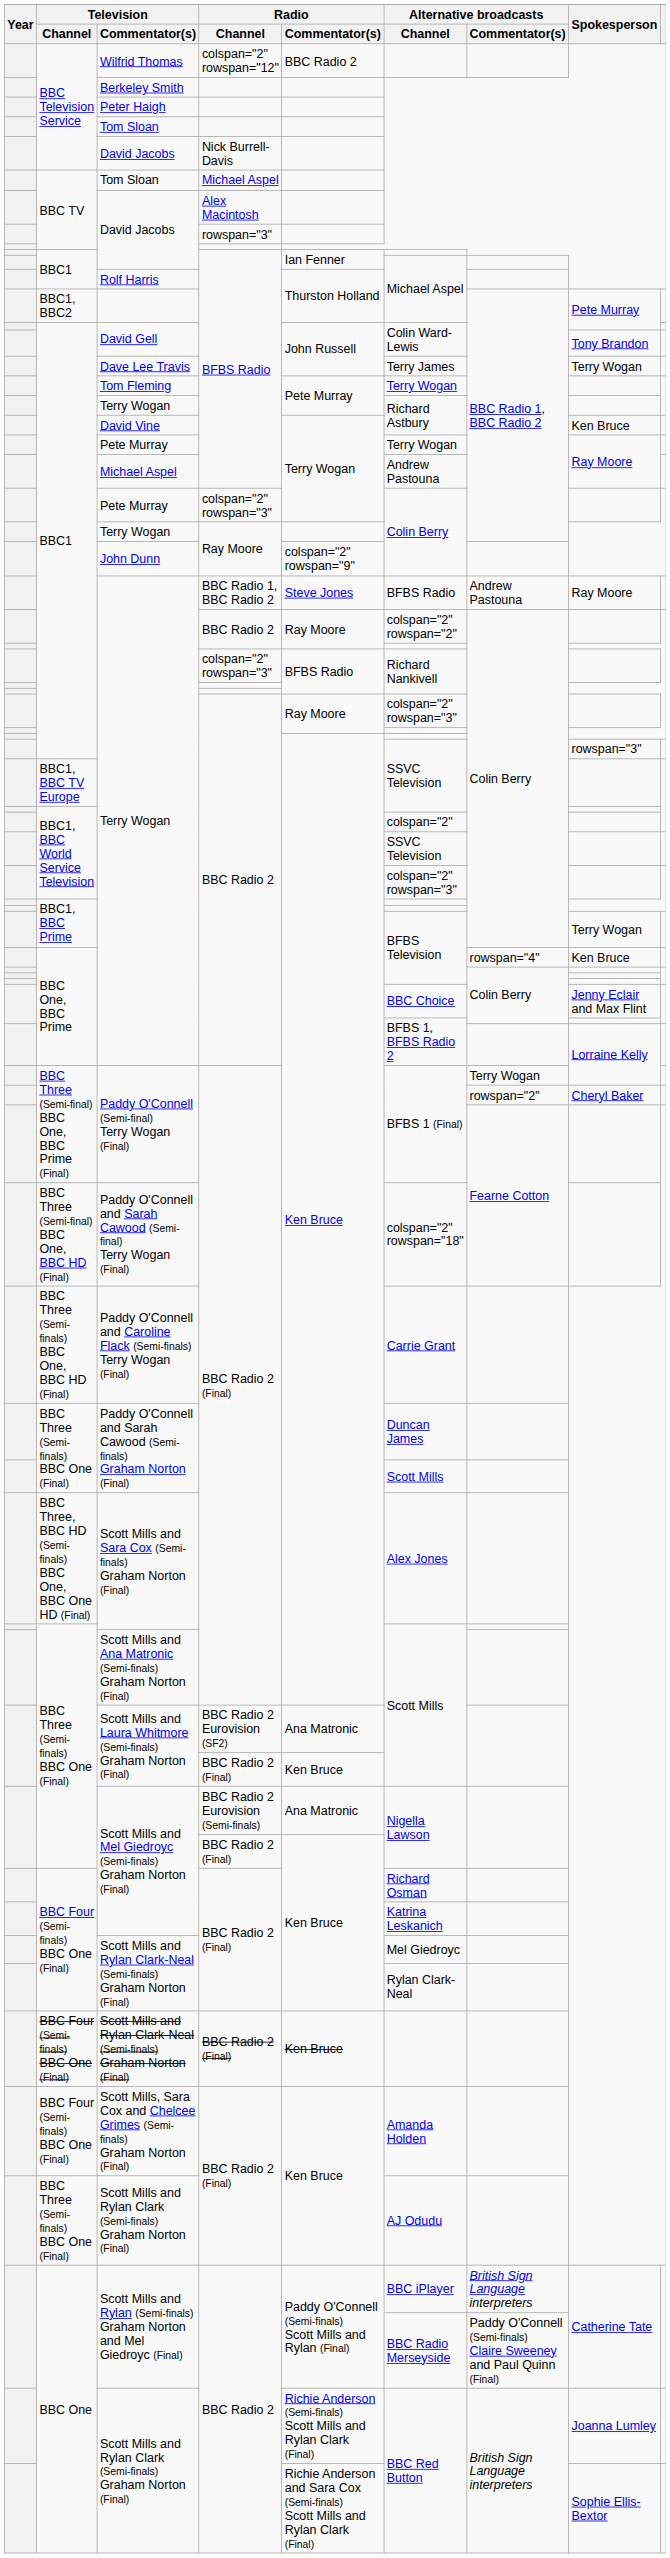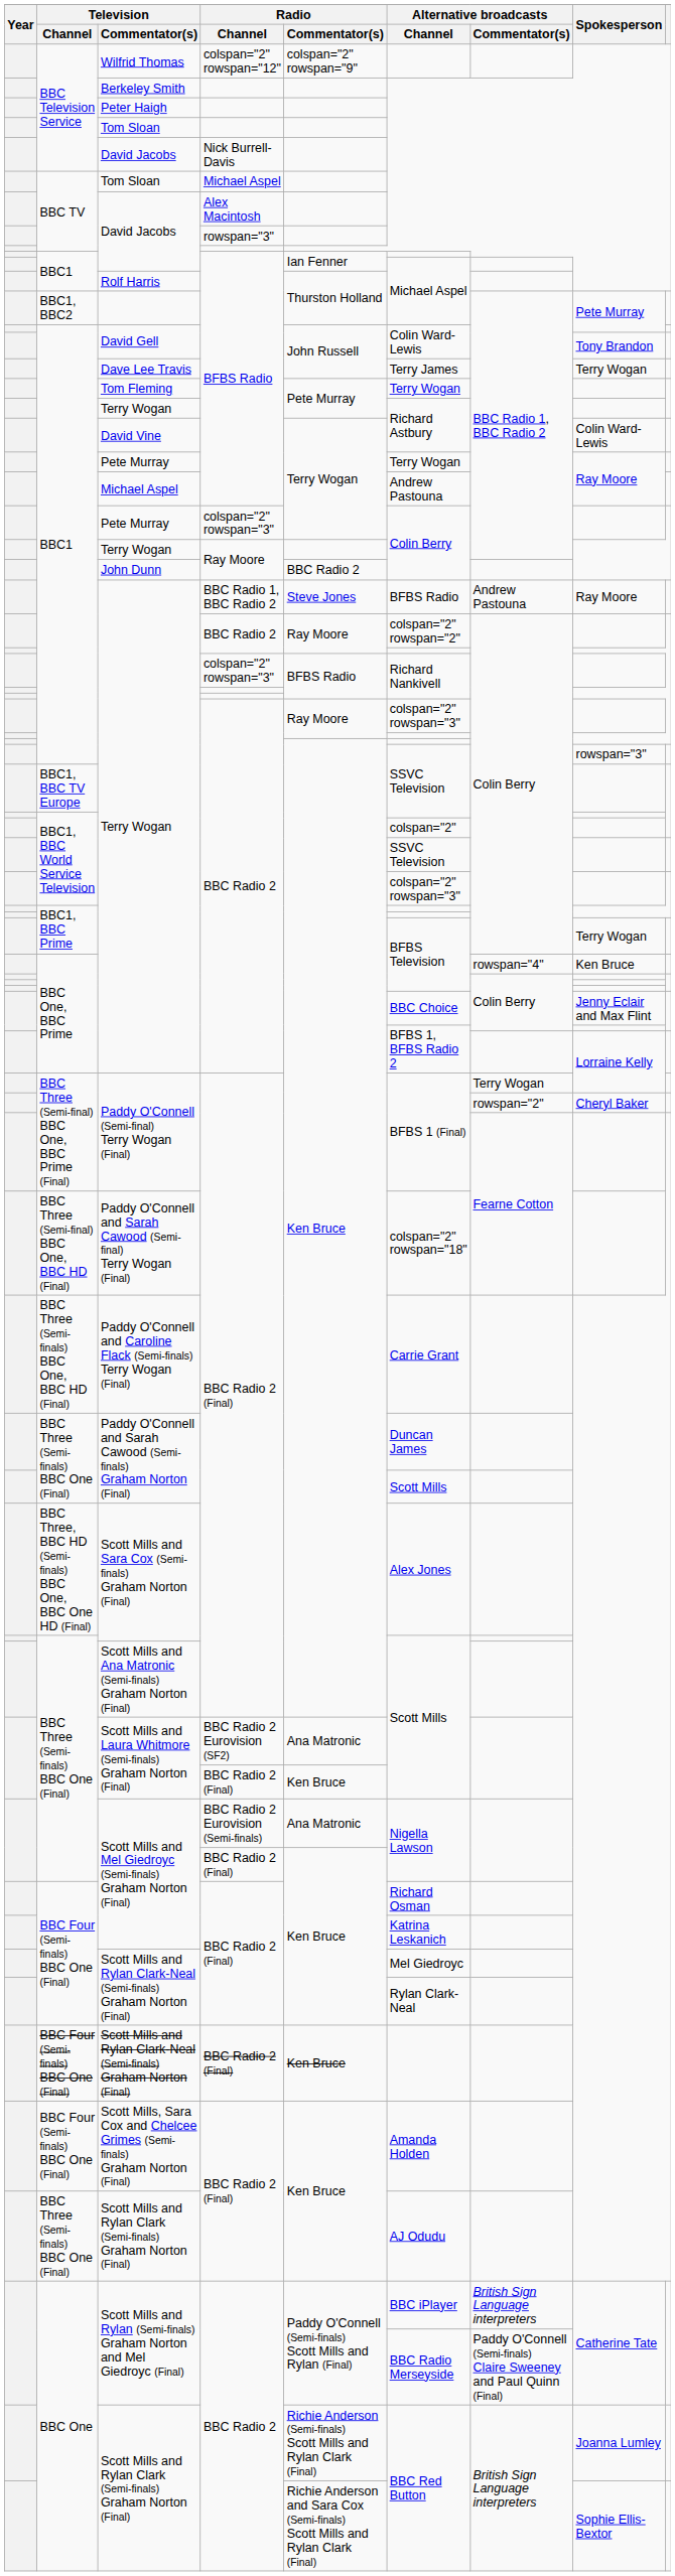 <table class="wikitable plainrowheaders sticky-header" style="font-size:95%; text-align:left;">
 <tr>
 </tr>
 <tr>
 <th rowspan="2">Year</th>
 <th colspan="2">Television</th>
 <th colspan="2">Radio</th>
 <th colspan="2">Alternative broadcasts</th>
 <th rowspan="2">Spokesperson</th>
 <th rowspan="2" class="unsortable"></th>
 </tr>
 <tr>
 <th>Channel</th>
 <th>Commentator(s)</th>
 <th>Channel</th>
 <th>Commentator(s)</th>
 <th>Channel</th>
 <th>Commentator(s)</th>
 </tr>
 <tr>
 <th scope="row"></th>
 <td rowspan="5"><a href='#'>BBC Television Service</a></td>
 <td><a href='#'>Wilfrid Thomas</a></td>
 <td>colspan="2" rowspan="12" </td>
-<td>BBC Radio 2</td>
+<td>colspan="2" rowspan="9" </td>
 <td></td>
 <td style="text-align:center"></td>
 </tr>
 <tr>
 <th scope="row"></th>
 <td><a href='#'>Berkeley Smith</a></td>
 <td></td>
 <td style="text-align:center"></td>
 </tr>
 <tr>
 <th scope="row"></th>
 <td><a href='#'>Peter Haigh</a></td>
 <td></td>
 <td style="text-align:center"></td>
 </tr>
 <tr>
 <th scope="row"></th>
 <td><a href='#'>Tom Sloan</a></td>
 <td></td>
 <td style="text-align:center"></td>
 </tr>
 <tr>
 <th scope="row"></th>
 <td><a href='#'>David Jacobs</a></td>
 <td>Nick Burrell-Davis</td>
 <td style="text-align:center"></td>
 </tr>
 <tr>
 <th scope="row"></th>
 <td rowspan="4">BBC TV</td>
 <td>Tom Sloan</td>
 <td><a href='#'>Michael Aspel</a></td>
 <td style="text-align:center"></td>
 </tr>
 <tr>
 <th scope="row"></th>
 <td rowspan="5">David Jacobs</td>
 <td><a href='#'>Alex Macintosh</a></td>
 <td style="text-align:center"></td>
 </tr>
 <tr>
 <th scope="row"></th>
 <td>rowspan="3" </td>
 <td style="text-align:center"></td>
 </tr>
 <tr>
 <th scope="row"></th>
 <td style="text-align:center"></td>
 </tr>
 <tr>
 <th scope="row"></th>
 <td rowspan="3">BBC1</td>
 <td rowspan="12"><a href='#'>BFBS Radio</a></td>
 <td rowspan="2">Ian Fenner</td>
 <td style="text-align:center"></td>
 </tr>
 <tr>
 <th scope="row"></th>
 <td rowspan="3">Michael Aspel</td>
 <td style="text-align:center"></td>
 </tr>
 <tr>
 <th scope="row"></th>
 <td><a href='#'>Rolf Harris</a></td>
 <td rowspan="2">Thurston Holland</td>
 <td style="text-align:center"></td>
 </tr>
 <tr>
 <th scope="row"></th>
 <td>BBC1, BBC2</td>
 <td></td>
 <td rowspan="11"><a href='#'>BBC Radio 1</a>, <a href='#'>BBC Radio 2</a></td>
 <td rowspan="2"><a href='#'>Pete Murray</a></td>
 <td style="text-align:center"></td>
 </tr>
 <tr>
 <th scope="row"></th>
 <td rowspan="21">BBC1</td>
 <td rowspan="2"><a href='#'>David Gell</a></td>
 <td rowspan="3">John Russell</td>
 <td rowspan="2">Colin Ward-Lewis</td>
 <td style="text-align:center"></td>
 </tr>
 <tr>
 <th scope="row"></th>
 <td><a href='#'>Tony Brandon</a></td>
 <td style="text-align:center"></td>
 </tr>
 <tr>
 <th scope="row"></th>
 <td><a href='#'>Dave Lee Travis</a></td>
 <td>Terry James</td>
 <td>Terry Wogan</td>
 <td style="text-align:center"></td>
 </tr>
 <tr>
 <th scope="row"></th>
 <td><a href='#'>Tom Fleming</a></td>
 <td rowspan="2">Pete Murray</td>
 <td><a href='#'>Terry Wogan</a></td>
 <td style="text-align:center"></td>
 </tr>
 <tr>
 <th scope="row"></th>
 <td>Terry Wogan</td>
 <td rowspan="2">Richard Astbury</td>
 <td style="text-align:center"></td>
 </tr>
 <tr>
 <th scope="row"></th>
 <td><a href='#'>David Vine</a></td>
 <td rowspan="4">Terry Wogan</td>
-<td>Ken Bruce</td>
+<td>Colin Ward-Lewis</td>
 <td style="text-align:center"></td>
 </tr>
 <tr>
 <th scope="row"></th>
 <td>Pete Murray</td>
 <td>Terry Wogan</td>
 <td rowspan="2"><a href='#'>Ray Moore</a></td>
 <td style="text-align:center"></td>
 </tr>
 <tr>
 <th scope="row"></th>
 <td><a href='#'>Michael Aspel</a></td>
 <td>Andrew Pastouna</td>
 <td style="text-align:center"></td>
 </tr>
 <tr>
 <th scope="row"></th>
 <td>Pete Murray</td>
 <td>colspan="2" rowspan="3" </td>
 <td rowspan="3"><a href='#'>Colin Berry</a></td>
 <td style="text-align:center"></td>
 </tr>
 <tr>
 <th scope="row"></th>
 <td>Terry Wogan</td>
 <td rowspan="2">Ray Moore</td>
 <td style="text-align:center"></td>
 </tr>
 <tr>
 <th scope="row"></th>
 <td><a href='#'>John Dunn</a></td>
-<td>colspan="2" rowspan="9" </td>
+<td>BBC Radio 2</td>
 <td style="text-align:center"></td>
 </tr>
 <tr>
 <th scope="row"></th>
 <td rowspan="25">Terry Wogan</td>
 <td>BBC Radio 1, BBC Radio 2</td>
 <td><a href='#'>Steve Jones</a></td>
 <td>BFBS Radio</td>
 <td>Andrew Pastouna</td>
 <td>Ray Moore</td>
 <td style="text-align:center"></td>
 </tr>
 <tr>
 <th scope="row"></th>
 <td rowspan="2">BBC Radio 2</td>
 <td rowspan="2">Ray Moore</td>
 <td>colspan="2" rowspan="2" </td>
 <td rowspan="17">Colin Berry</td>
 <td style="text-align:center"></td>
 </tr>
 <tr>
 <th scope="row"></th>
 <td style="text-align:center"></td>
 </tr>
 <tr>
 <th scope="row"></th>
 <td>colspan="2" rowspan="3" </td>
 <td rowspan="3">BFBS Radio</td>
 <td rowspan="3">Richard Nankivell</td>
 <td style="text-align:center"></td>
 </tr>
 <tr>
 <th scope="row"></th>
 <td style="text-align:center"></td>
 </tr>
 <tr>
 <th scope="row"></th>
 <td style="text-align:center"></td>
 </tr>
 <tr>
 <th scope="row"></th>
 <td rowspan="19">BBC Radio 2</td>
 <td rowspan="2">Ray Moore</td>
 <td>colspan="2" rowspan="3" </td>
 <td style="text-align:center"></td>
 </tr>
 <tr>
 <th scope="row"></th>
 <td style="text-align:center"></td>
 </tr>
 <tr>
 <th scope="row"></th>
 <td rowspan="27"><a href='#'>Ken Bruce</a></td>
 <td style="text-align:center"></td>
 </tr>
 <tr>
 <th scope="row"></th>
 <td rowspan="3">SSVC Television</td>
 <td>rowspan="3" </td>
 <td style="text-align:center"></td>
 </tr>
 <tr>
 <th scope="row"></th>
 <td>BBC1, <a href='#'>BBC TV Europe</a></td>
 <td style="text-align:center"></td>
 </tr>
 <tr>
 <th scope="row"></th>
 <td rowspan="4">BBC1, <a href='#'>BBC World Service Television</a></td>
 <td style="text-align:center"></td>
 </tr>
 <tr>
 <th scope="row"></th>
 <td>colspan="2" </td>
 <td style="text-align:center"></td>
 </tr>
 <tr>
 <th scope="row"></th>
 <td>SSVC Television</td>
 <td></td>
 <td style="text-align:center"></td>
 </tr>
 <tr>
 <th scope="row"></th>
 <td>colspan="2" rowspan="3" </td>
 <td style="text-align:center"></td>
 </tr>
 <tr>
 <th scope="row"></th>
 <td rowspan="3">BBC1, <a href='#'>BBC Prime</a></td>
 <td style="text-align:center"></td>
 </tr>
 <tr>
 <th scope="row"></th>
 <td style="text-align:center"></td>
 </tr>
 <tr>
 <th scope="row"></th>
 <td rowspan="5">BFBS Television</td>
 <td>Terry Wogan</td>
 <td style="text-align:center"></td>
 </tr>
 <tr>
 <th scope="row"></th>
 <td rowspan="7">BBC One, BBC Prime</td>
 <td>rowspan="4" </td>
 <td>Ken Bruce</td>
 <td style="text-align:center"></td>
 </tr>
 <tr>
 <th scope="row"></th>
 <td rowspan="5">Colin Berry</td>
 <td style="text-align:center"></td>
 </tr>
 <tr>
 <th scope="row"></th>
 <td style="text-align:center"></td>
 </tr>
 <tr>
 <th scope="row"></th>
 <td style="text-align:center"></td>
 </tr>
 <tr>
 <th scope="row" rowspan="2"></th>
 <td><a href='#'>BBC Choice</a></td>
 <td><a href='#'>Jenny Eclair</a> and Max Flint</td>
 <td style="text-align:center" rowspan="2"></td>
 </tr>
 <tr>
 <td rowspan="2">BFBS 1, <a href='#'>BFBS Radio 2</a></td>
 <td></td>
 </tr>
 <tr>
 <th scope="row"></th>
 <td></td>
 <td rowspan="2"><a href='#'>Lorraine Kelly</a></td>
 <td style="text-align:center"></td>
 </tr>
 <tr>
 <th scope="row"></th>
 <td rowspan="3"><a href='#'>BBC Three</a> <small>(Semi-final)</small><br> BBC One, BBC Prime <small>(Final)</small></td>
 <td rowspan="3"><a href='#'>Paddy O'Connell</a> <small>(Semi-final)</small><br> Terry Wogan <small>(Final)</small></td>
 <td rowspan="10">BBC Radio 2 <small>(Final)</small></td>
 <td rowspan="3">BFBS 1 <small>(Final)</small></td>
 <td>Terry Wogan</td>
 <td style="text-align:center"></td>
 </tr>
 <tr>
 <th scope="row"></th>
 <td>rowspan="2" </td>
 <td><a href='#'>Cheryl Baker</a></td>
 <td style="text-align:center"></td>
 </tr>
 <tr>
 <th scope="row"></th>
 <td rowspan="2"><a href='#'>Fearne Cotton</a></td>
 <td style="text-align:center"></td>
 </tr>
 <tr>
 <th scope="row"></th>
 <td>BBC Three <small>(Semi-final)</small><br> BBC One, <a href='#'>BBC HD</a> <small>(Final)</small></td>
 <td>Paddy O'Connell and <a href='#'>Sarah Cawood</a> <small>(Semi-final)</small><br> Terry Wogan <small>(Final)</small></td>
 <td>colspan="2" rowspan="18" </td>
 <td style="text-align:center"></td>
 </tr>
 <tr>
 <th scope="row"></th>
 <td>BBC Three <small>(Semi-finals)</small><br> BBC One, BBC HD <small>(Final)</small></td>
 <td>Paddy O'Connell and <a href='#'>Caroline Flack</a> <small>(Semi-finals)</small><br> Terry Wogan <small>(Final)</small></td>
 <td><a href='#'>Carrie Grant</a></td>
 <td style="text-align:center"></td>
 </tr>
 <tr>
 <th scope="row"></th>
 <td rowspan="2">BBC Three <small>(Semi-finals)</small><br> BBC One <small>(Final)</small></td>
 <td rowspan="2">Paddy O'Connell and Sarah Cawood <small>(Semi-finals)</small><br> <a href='#'>Graham Norton</a> <small>(Final)</small></td>
 <td><a href='#'>Duncan James</a></td>
 <td style="text-align:center"></td>
 </tr>
 <tr>
 <th scope="row"></th>
 <td><a href='#'>Scott Mills</a></td>
 <td style="text-align:center"></td>
 </tr>
 <tr>
 <th scope="row"></th>
 <td>BBC Three, BBC HD <small>(Semi-finals)</small><br> BBC One, BBC One HD <small>(Final)</small></td>
 <td rowspan="2">Scott Mills and <a href='#'>Sara Cox</a> <small>(Semi-finals)</small><br> Graham Norton <small>(Final)</small></td>
 <td><a href='#'>Alex Jones</a></td>
 <td style="text-align:center"></td>
 </tr>
 <tr>
 <th scope="row"></th>
 <td rowspan="6">BBC Three <small>(Semi-finals)</small><br> BBC One <small>(Final)</small></td>
 <td rowspan="4">Scott Mills</td>
 <td style="text-align:center"></td>
 </tr>
 <tr>
 <th scope="row"></th>
 <td>Scott Mills and <a href='#'>Ana Matronic</a> <small>(Semi-finals)</small><br> Graham Norton <small>(Final)</small></td>
 <td style="text-align:center"></td>
 </tr>
 <tr>
 <th scope="row" rowspan="2"></th>
 <td rowspan="2">Scott Mills and <a href='#'>Laura Whitmore</a> <small>(Semi-finals)</small><br> Graham Norton <small>(Final)</small></td>
 <td>BBC Radio 2 Eurovision <small>(SF2)</small></td>
 <td>Ana Matronic</td>
 <td style="text-align:center" rowspan="2"></td>
 </tr>
 <tr>
 <td>BBC Radio 2 <small>(Final)</small></td>
 <td>Ken Bruce</td>
 </tr>
 <tr>
 <th scope="row" rowspan="2"></th>
 <td rowspan="4">Scott Mills and <a href='#'>Mel Giedroyc</a> <small>(Semi-finals)</small><br> Graham Norton <small>(Final)</small></td>
 <td>BBC Radio 2 Eurovision <small>(Semi-finals)</small></td>
 <td>Ana Matronic</td>
 <td rowspan="2"><a href='#'>Nigella Lawson</a></td>
 <td style="text-align:center" rowspan="2"></td>
 </tr>
 <tr>
 <td>BBC Radio 2 <small>(Final)</small></td>
 <td rowspan="5">Ken Bruce</td>
 </tr>
 <tr>
 <th scope="row"></th>
 <td rowspan="4"><a href='#'>BBC Four</a> <small>(Semi-finals)</small><br> BBC One <small>(Final)</small></td>
 <td rowspan="4">BBC Radio 2 <small>(Final)</small></td>
 <td><a href='#'>Richard Osman</a></td>
 <td style="text-align:center"></td>
 </tr>
 <tr>
 <th scope="row"></th>
 <td><a href='#'>Katrina Leskanich</a></td>
 <td style="text-align:center"></td>
 </tr>
 <tr>
 <th scope="row"></th>
 <td rowspan="2">Scott Mills and <a href='#'>Rylan Clark-Neal</a> <small>(Semi-finals)</small><br> Graham Norton <small>(Final)</small></td>
 <td>Mel Giedroyc</td>
 <td style="text-align:center"></td>
 </tr>
 <tr>
 <th scope="row"></th>
 <td>Rylan Clark-Neal</td>
 <td style="text-align:center"></td>
 </tr>
 <tr>
 <th scope="row"><s></s></th>
 <td><s>BBC Four <small>(Semi-finals)</small><br> BBC One <small>(Final)</small></s></td>
 <td><s>Scott Mills and Rylan Clark-Neal <small>(Semi-finals)</small><br> Graham Norton <small>(Final)</small></s></td>
 <td><s>BBC Radio 2 <small>(Final)</small></s></td>
 <td><s>Ken Bruce</s></td>
 <td></td>
 <td style="text-align:center"></td>
 </tr>
 <tr>
 <th scope="row"></th>
 <td>BBC Four <small>(Semi-finals)</small><br> BBC One <small>(Final)</small></td>
 <td>Scott Mills, Sara Cox and <a href='#'>Chelcee Grimes</a> <small>(Semi-finals)</small><br> Graham Norton <small>(Final)</small></td>
 <td rowspan="2">BBC Radio 2 <small>(Final)</small></td>
 <td rowspan="2">Ken Bruce</td>
 <td><a href='#'>Amanda Holden</a></td>
 <td style="text-align:center"></td>
 </tr>
 <tr>
 <th scope="row"></th>
 <td>BBC Three <small>(Semi-finals)</small><br> BBC One <small>(Final)</small></td>
 <td>Scott Mills and Rylan Clark <small>(Semi-finals)</small><br> Graham Norton <small>(Final)</small></td>
 <td><a href='#'>AJ Odudu</a></td>
 <td style="text-align:center"></td>
 </tr>
 <tr>
 <th scope="row" rowspan="2"></th>
 <td rowspan="4">BBC One</td>
 <td rowspan="2">Scott Mills and <a href='#'>Rylan</a> <small>(Semi-finals)</small><br> Graham Norton and Mel Giedroyc <small>(Final)</small></td>
 <td rowspan="4">BBC Radio 2</td>
 <td rowspan="2">Paddy O'Connell <small>(Semi-finals)</small><br> Scott Mills and Rylan <small>(Final)</small></td>
 <td><a href='#'>BBC iPlayer</a></td>
 <td><em><a href='#'>British Sign Language</a> interpreters</em></td>
 <td rowspan="2"><a href='#'>Catherine Tate</a></td>
 <td style="text-align:center" rowspan="2"></td>
 </tr>
 <tr>
 <td><a href='#'>BBC Radio Merseyside</a></td>
 <td>Paddy O'Connell <small>(Semi-finals)</small><br> <a href='#'>Claire Sweeney</a> and Paul Quinn <small>(Final)</small></td>
 </tr>
 <tr>
 <th scope="row"></th>
 <td rowspan="2">Scott Mills and Rylan Clark <small>(Semi-finals)</small><br> Graham Norton <small>(Final)</small></td>
 <td><a href='#'>Richie Anderson</a> <small>(Semi-finals)</small><br> Scott Mills and Rylan Clark <small>(Final)</small></td>
 <td rowspan="2"><a href='#'>BBC Red Button</a></td>
 <td rowspan="2"><em>British Sign Language interpreters</em></td>
 <td><a href='#'>Joanna Lumley</a></td>
 <td style="text-align:center"></td>
 </tr>
 <tr>
 <th scope="row"></th>
 <td>Richie Anderson and Sara Cox <small>(Semi-finals)</small><br> Scott Mills and Rylan Clark <small>(Final)</small></td>
 <td><a href='#'>Sophie Ellis-Bextor</a></td>
 <td style="text-align:center"></td>
 </tr>
 </table>
